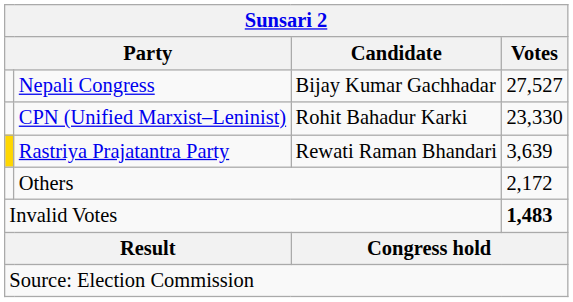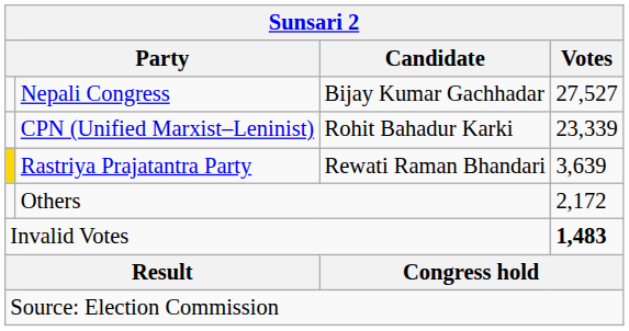 <table class="wikitable">
 <tr>
 <th colspan="4"><a href='#'>Sunsari 2</a></th>
 </tr>
 <tr>
 <th colspan="2">Party</th>
 <th>Candidate</th>
 <th>Votes</th>
 </tr>
 <tr>
 <td style="background-color:"></td>
 <td><a href='#'>Nepali Congress</a></td>
 <td>Bijay Kumar Gachhadar</td>
 <td>27,527</td>
 </tr>
 <tr>
 <td style="background-color:"></td>
 <td><a href='#'>CPN (Unified Marxist–Leninist)</a></td>
 <td>Rohit Bahadur Karki</td>
-<td>23,330</td>
+<td>23,339</td>
 </tr>
 <tr>
 <td style="background-color:gold"></td>
 <td><a href='#'>Rastriya Prajatantra Party</a></td>
 <td>Rewati Raman Bhandari</td>
 <td>3,639</td>
 </tr>
 <tr>
 <td></td>
 <td colspan="2">Others</td>
 <td>2,172</td>
 </tr>
 <tr>
 <td colspan="3">Invalid Votes</td>
 <td><strong>1,483</strong></td>
 </tr>
 <tr>
 <th colspan="2">Result</th>
 <th colspan="2">Congress hold</th>
 </tr>
 <tr>
 <td colspan="4">Source: Election Commission</td>
 </tr>
 </table>
